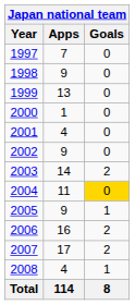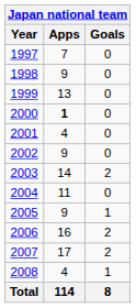 <table class="wikitable" style="text-align:center">
 <tr>
 <th colspan=3><a href='#'>Japan national team</a></th>
 </tr>
 <tr>
 <th>Year</th>
 <th>Apps</th>
 <th>Goals</th>
 </tr>
 <tr>
 <td><a href='#'>1997</a></td>
 <td>7</td>
 <td>0</td>
 </tr>
 <tr>
 <td><a href='#'>1998</a></td>
 <td>9</td>
 <td>0</td>
 </tr>
 <tr>
 <td><a href='#'>1999</a></td>
 <td>13</td>
 <td>0</td>
 </tr>
 <tr>
 <td><a href='#'>2000</a></td>
-<td>1</td>
+<td><strong>1</strong></td>
 <td>0</td>
 </tr>
 <tr>
 <td><a href='#'>2001</a></td>
 <td>4</td>
 <td>0</td>
 </tr>
 <tr>
 <td><a href='#'>2002</a></td>
 <td>9</td>
 <td>0</td>
 </tr>
 <tr>
 <td><a href='#'>2003</a></td>
 <td>14</td>
 <td>2</td>
 </tr>
 <tr>
 <td><a href='#'>2004</a></td>
 <td>11</td>
-<td style="background: gold;">0</td>
+<td>0</td>
 </tr>
 <tr>
 <td><a href='#'>2005</a></td>
 <td>9</td>
 <td>1</td>
 </tr>
 <tr>
 <td><a href='#'>2006</a></td>
 <td>16</td>
 <td>2</td>
 </tr>
 <tr>
 <td><a href='#'>2007</a></td>
 <td>17</td>
 <td>2</td>
 </tr>
 <tr>
 <td><a href='#'>2008</a></td>
 <td>4</td>
 <td>1</td>
 </tr>
 <tr>
 <th>Total</th>
 <th>114</th>
 <th>8</th>
 </tr>
 </table>
